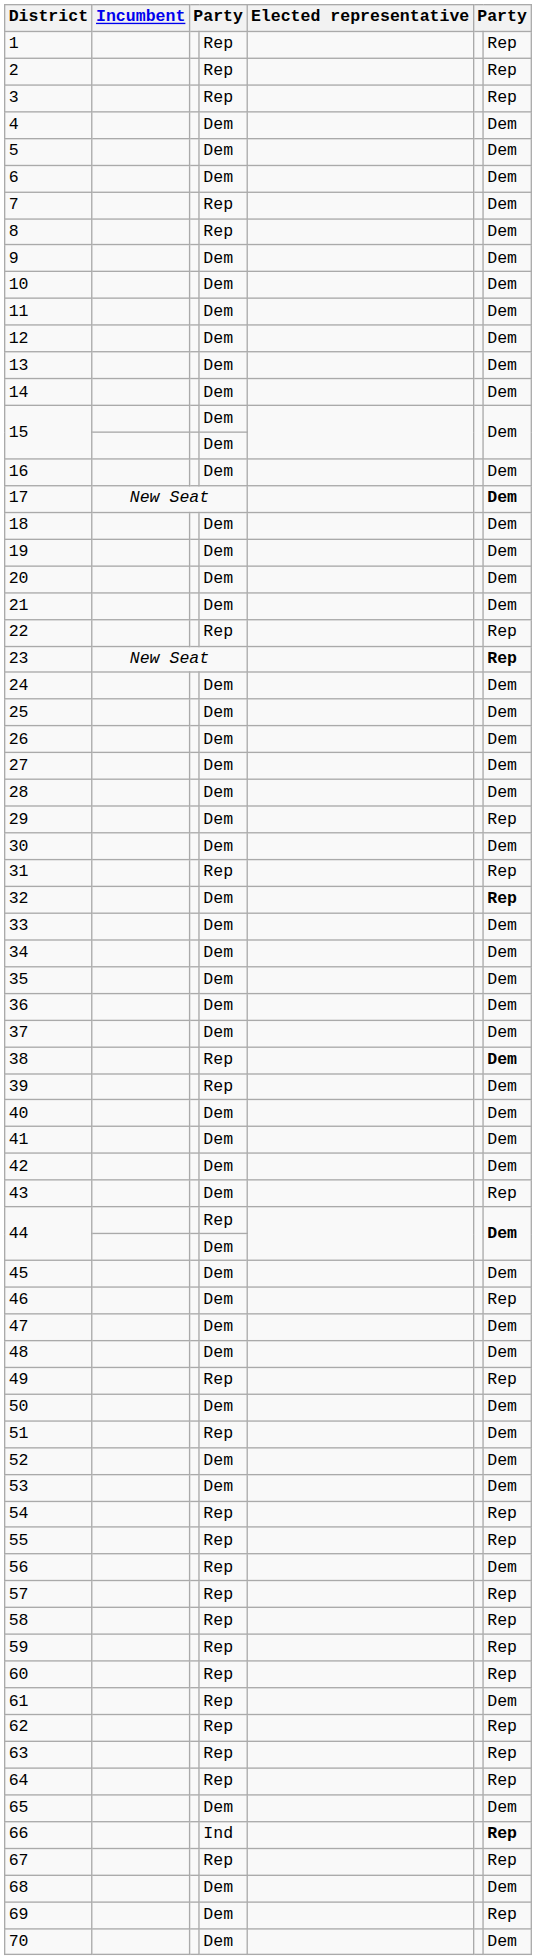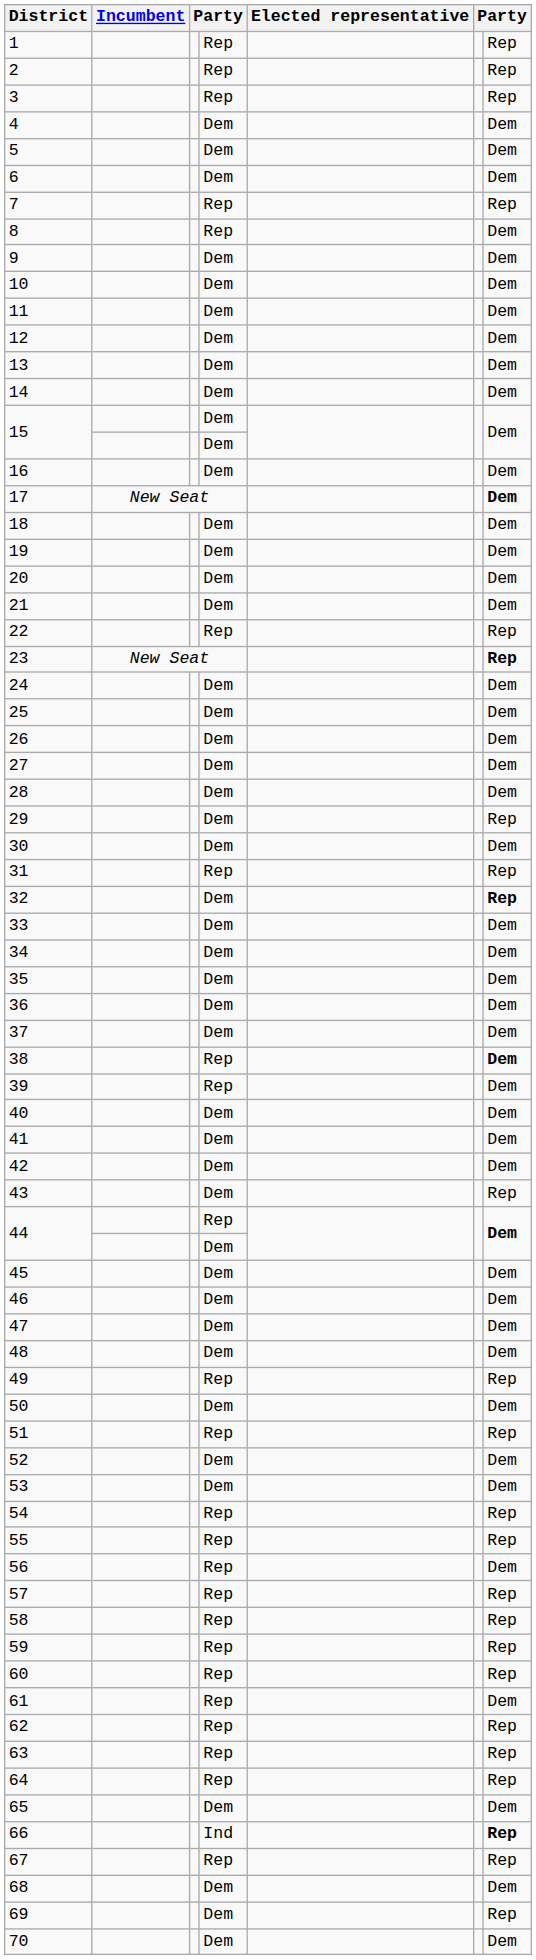 <table class="wikitable sortable" style="font-size:95%;line-height:14px;">
 <tr>
 <th>District</th>
 <th><a href='#'>Incumbent</a></th>
 <th colspan=2>Party</th>
 <th>Elected representative</th>
 <th colspan=2>Party</th>
 </tr>
 <tr>
 <td>1</td>
 <td></td>
 <td style="background:"></td>
 <td>Rep</td>
 <td></td>
 <td style="background:"></td>
 <td>Rep</td>
 </tr>
 <tr>
 <td>2</td>
 <td></td>
 <td style="background:"></td>
 <td>Rep</td>
 <td></td>
 <td style="background:"></td>
 <td>Rep</td>
 </tr>
 <tr>
 <td>3</td>
 <td></td>
 <td style="background:"></td>
 <td>Rep</td>
 <td></td>
 <td style="background:"></td>
 <td>Rep</td>
 </tr>
 <tr>
 <td>4</td>
 <td></td>
 <td style="background:"></td>
 <td>Dem</td>
 <td></td>
 <td style="background:"></td>
 <td>Dem</td>
 </tr>
 <tr>
 <td>5</td>
 <td></td>
 <td style="background:"></td>
 <td>Dem</td>
 <td></td>
 <td style="background:"></td>
 <td>Dem</td>
 </tr>
 <tr>
 <td>6</td>
 <td></td>
 <td style="background:"></td>
 <td>Dem</td>
 <td></td>
 <td style="background:"></td>
 <td>Dem</td>
 </tr>
 <tr>
 <td>7</td>
 <td></td>
 <td style="background:"></td>
 <td>Rep</td>
 <td></td>
 <td style="background:"></td>
-<td>Dem</td>
+<td>Rep</td>
 </tr>
 <tr>
 <td>8</td>
 <td></td>
 <td style="background:"></td>
 <td>Rep</td>
 <td></td>
 <td style="background:"></td>
 <td>Dem</td>
 </tr>
 <tr>
 <td>9</td>
 <td></td>
 <td style="background:"></td>
 <td>Dem</td>
 <td></td>
 <td style="background:"></td>
 <td>Dem</td>
 </tr>
 <tr>
 <td>10</td>
 <td></td>
 <td style="background:"></td>
 <td>Dem</td>
 <td></td>
 <td style="background:"></td>
 <td>Dem</td>
 </tr>
 <tr>
 <td>11</td>
 <td></td>
 <td style="background:"></td>
 <td>Dem</td>
 <td></td>
 <td style="background:"></td>
 <td>Dem</td>
 </tr>
 <tr>
 <td>12</td>
 <td></td>
 <td style="background:"></td>
 <td>Dem</td>
 <td></td>
 <td style="background:"></td>
 <td>Dem</td>
 </tr>
 <tr>
 <td>13</td>
 <td></td>
 <td style="background:"></td>
 <td>Dem</td>
 <td></td>
 <td style="background:"></td>
 <td>Dem</td>
 </tr>
 <tr>
 <td>14</td>
 <td></td>
 <td style="background:"></td>
 <td>Dem</td>
 <td></td>
 <td style="background:"></td>
 <td>Dem</td>
 </tr>
 <tr>
 <td rowspan=2>15</td>
 <td></td>
 <td style="background:"></td>
 <td>Dem</td>
 <td rowspan=2></td>
 <td rowspan=2 style="background:"></td>
 <td rowspan=2>Dem</td>
 </tr>
 <tr>
 <td></td>
 <td style="background:"></td>
 <td>Dem</td>
 </tr>
 <tr>
 <td>16</td>
 <td></td>
 <td style="background:"></td>
 <td>Dem</td>
 <td></td>
 <td style="background:"></td>
 <td>Dem</td>
 </tr>
 <tr>
 <td>17</td>
 <td colspan=3 align=center><em>New Seat</em></td>
 <td><strong></strong></td>
 <td style="background:"></td>
 <td><strong>Dem</strong></td>
 </tr>
 <tr>
 <td>18</td>
 <td></td>
 <td style="background:"></td>
 <td>Dem</td>
 <td></td>
 <td style="background:"></td>
 <td>Dem</td>
 </tr>
 <tr>
 <td>19</td>
 <td></td>
 <td style="background:"></td>
 <td>Dem</td>
 <td></td>
 <td style="background:"></td>
 <td>Dem</td>
 </tr>
 <tr>
 <td>20</td>
 <td></td>
 <td style="background:"></td>
 <td>Dem</td>
 <td></td>
 <td style="background:"></td>
 <td>Dem</td>
 </tr>
 <tr>
 <td>21</td>
 <td></td>
 <td style="background:"></td>
 <td>Dem</td>
 <td></td>
 <td style="background:"></td>
 <td>Dem</td>
 </tr>
 <tr>
 <td>22</td>
 <td></td>
 <td style="background:"></td>
 <td>Rep</td>
 <td></td>
 <td style="background:"></td>
 <td>Rep</td>
 </tr>
 <tr>
 <td>23</td>
 <td colspan=3 align=center><em>New Seat</em></td>
 <td><strong></strong></td>
 <td style="background:"></td>
 <td><strong>Rep</strong></td>
 </tr>
 <tr>
 <td>24</td>
 <td></td>
 <td style="background:"></td>
 <td>Dem</td>
 <td></td>
 <td style="background:"></td>
 <td>Dem</td>
 </tr>
 <tr>
 <td>25</td>
 <td></td>
 <td style="background:"></td>
 <td>Dem</td>
 <td></td>
 <td style="background:"></td>
 <td>Dem</td>
 </tr>
 <tr>
 <td>26</td>
 <td></td>
 <td style="background:"></td>
 <td>Dem</td>
 <td></td>
 <td style="background:"></td>
 <td>Dem</td>
 </tr>
 <tr>
 <td>27</td>
 <td></td>
 <td style="background:"></td>
 <td>Dem</td>
 <td></td>
 <td style="background:"></td>
 <td>Dem</td>
 </tr>
 <tr>
 <td>28</td>
 <td></td>
 <td style="background:"></td>
 <td>Dem</td>
 <td></td>
 <td style="background:"></td>
 <td>Dem</td>
 </tr>
 <tr>
 <td>29</td>
 <td></td>
 <td style="background:"></td>
 <td>Dem</td>
 <td></td>
 <td style="background:"></td>
 <td>Rep</td>
 </tr>
 <tr>
 <td>30</td>
 <td></td>
 <td style="background:"></td>
 <td>Dem</td>
 <td></td>
 <td style="background:"></td>
 <td>Dem</td>
 </tr>
 <tr>
 <td>31</td>
 <td></td>
 <td style="background:"></td>
 <td>Rep</td>
 <td></td>
 <td style="background:"></td>
 <td>Rep</td>
 </tr>
 <tr>
 <td>32</td>
 <td></td>
 <td style="background:"></td>
 <td>Dem</td>
 <td><strong></strong></td>
 <td style="background:"></td>
 <td><strong>Rep</strong></td>
 </tr>
 <tr>
 <td>33</td>
 <td></td>
 <td style="background:"></td>
 <td>Dem</td>
 <td></td>
 <td style="background:"></td>
 <td>Dem</td>
 </tr>
 <tr>
 <td>34</td>
 <td></td>
 <td style="background:"></td>
 <td>Dem</td>
 <td></td>
 <td style="background:"></td>
 <td>Dem</td>
 </tr>
 <tr>
 <td>35</td>
 <td></td>
 <td style="background:"></td>
 <td>Dem</td>
 <td></td>
 <td style="background:"></td>
 <td>Dem</td>
 </tr>
 <tr>
 <td>36</td>
 <td></td>
 <td style="background:"></td>
 <td>Dem</td>
 <td></td>
 <td style="background:"></td>
 <td>Dem</td>
 </tr>
 <tr>
 <td>37</td>
 <td></td>
 <td style="background:"></td>
 <td>Dem</td>
 <td></td>
 <td style="background:"></td>
 <td>Dem</td>
 </tr>
 <tr>
 <td>38</td>
 <td></td>
 <td style="background:"></td>
 <td>Rep</td>
 <td><strong></strong></td>
 <td style="background:"></td>
 <td><strong>Dem</strong></td>
 </tr>
 <tr>
 <td>39</td>
 <td></td>
 <td style="background:"></td>
 <td>Rep</td>
 <td></td>
 <td style="background:"></td>
 <td>Dem</td>
 </tr>
 <tr>
 <td>40</td>
 <td></td>
 <td style="background:"></td>
 <td>Dem</td>
 <td></td>
 <td style="background:"></td>
 <td>Dem</td>
 </tr>
 <tr>
 <td>41</td>
 <td></td>
 <td style="background:"></td>
 <td>Dem</td>
 <td></td>
 <td style="background:"></td>
 <td>Dem</td>
 </tr>
 <tr>
 <td>42</td>
 <td></td>
 <td style="background:"></td>
 <td>Dem</td>
 <td></td>
 <td style="background:"></td>
 <td>Dem</td>
 </tr>
 <tr>
 <td>43</td>
 <td></td>
 <td style="background:"></td>
 <td>Dem</td>
 <td></td>
 <td style="background:"></td>
 <td>Rep</td>
 </tr>
 <tr>
 <td rowspan=2>44</td>
 <td></td>
 <td style="background:"></td>
 <td>Rep</td>
 <td rowspan=2><strong></strong></td>
 <td rowspan=2 style="background:"></td>
 <td rowspan=2><strong>Dem</strong></td>
 </tr>
 <tr>
 <td></td>
 <td style="background:"></td>
 <td>Dem</td>
 </tr>
 <tr>
 <td>45</td>
 <td></td>
 <td style="background:"></td>
 <td>Dem</td>
 <td></td>
 <td style="background:"></td>
 <td>Dem</td>
 </tr>
 <tr>
 <td>46</td>
 <td></td>
 <td style="background:"></td>
 <td>Dem</td>
 <td></td>
 <td style="background:"></td>
-<td>Rep</td>
+<td>Dem</td>
 </tr>
 <tr>
 <td>47</td>
 <td></td>
 <td style="background:"></td>
 <td>Dem</td>
 <td></td>
 <td style="background:"></td>
 <td>Dem</td>
 </tr>
 <tr>
 <td>48</td>
 <td></td>
 <td style="background:"></td>
 <td>Dem</td>
 <td></td>
 <td style="background:"></td>
 <td>Dem</td>
 </tr>
 <tr>
 <td>49</td>
 <td></td>
 <td style="background:"></td>
 <td>Rep</td>
 <td></td>
 <td style="background:"></td>
 <td>Rep</td>
 </tr>
 <tr>
 <td>50</td>
 <td></td>
 <td style="background:"></td>
 <td>Dem</td>
 <td></td>
 <td style="background:"></td>
 <td>Dem</td>
 </tr>
 <tr>
 <td>51</td>
 <td></td>
 <td style="background:"></td>
 <td>Rep</td>
 <td></td>
 <td style="background:"></td>
-<td>Dem</td>
+<td>Rep</td>
 </tr>
 <tr>
 <td>52</td>
 <td></td>
 <td style="background:"></td>
 <td>Dem</td>
 <td></td>
 <td style="background:"></td>
 <td>Dem</td>
 </tr>
 <tr>
 <td>53</td>
 <td></td>
 <td style="background:"></td>
 <td>Dem</td>
 <td></td>
 <td style="background:"></td>
 <td>Dem</td>
 </tr>
 <tr>
 <td>54</td>
 <td></td>
 <td style="background:"></td>
 <td>Rep</td>
 <td></td>
 <td style="background:"></td>
 <td>Rep</td>
 </tr>
 <tr>
 <td>55</td>
 <td></td>
 <td style="background:"></td>
 <td>Rep</td>
 <td></td>
 <td style="background:"></td>
 <td>Rep</td>
 </tr>
 <tr>
 <td>56</td>
 <td></td>
 <td style="background:"></td>
 <td>Rep</td>
 <td></td>
 <td style="background:"></td>
 <td>Dem</td>
 </tr>
 <tr>
 <td>57</td>
 <td></td>
 <td style="background:"></td>
 <td>Rep</td>
 <td></td>
 <td style="background:"></td>
 <td>Rep</td>
 </tr>
 <tr>
 <td>58</td>
 <td></td>
 <td style="background:"></td>
 <td>Rep</td>
 <td></td>
 <td style="background:"></td>
 <td>Rep</td>
 </tr>
 <tr>
 <td>59</td>
 <td></td>
 <td style="background:"></td>
 <td>Rep</td>
 <td></td>
 <td style="background:"></td>
 <td>Rep</td>
 </tr>
 <tr>
 <td>60</td>
 <td></td>
 <td style="background:"></td>
 <td>Rep</td>
 <td></td>
 <td style="background:"></td>
 <td>Rep</td>
 </tr>
 <tr>
 <td>61</td>
 <td></td>
 <td style="background:"></td>
 <td>Rep</td>
 <td></td>
 <td style="background:"></td>
 <td>Dem</td>
 </tr>
 <tr>
 <td>62</td>
 <td></td>
 <td style="background:"></td>
 <td>Rep</td>
 <td></td>
 <td style="background:"></td>
 <td>Rep</td>
 </tr>
 <tr>
 <td>63</td>
 <td></td>
 <td style="background:"></td>
 <td>Rep</td>
 <td></td>
 <td style="background:"></td>
 <td>Rep</td>
 </tr>
 <tr>
 <td>64</td>
 <td></td>
 <td style="background:"></td>
 <td>Rep</td>
 <td></td>
 <td style="background:"></td>
 <td>Rep</td>
 </tr>
 <tr>
 <td>65</td>
 <td></td>
 <td style="background:"></td>
 <td>Dem</td>
 <td></td>
 <td style="background:"></td>
 <td>Dem</td>
 </tr>
 <tr>
 <td>66</td>
 <td></td>
 <td style="background:"></td>
 <td>Ind</td>
 <td></td>
 <td style="background:"></td>
 <td><strong>Rep</strong></td>
 </tr>
 <tr>
 <td>67</td>
 <td></td>
 <td style="background:"></td>
 <td>Rep</td>
 <td></td>
 <td style="background:"></td>
 <td>Rep</td>
 </tr>
 <tr>
 <td>68</td>
 <td></td>
 <td style="background:"></td>
 <td>Dem</td>
 <td></td>
 <td style="background:"></td>
 <td>Dem</td>
 </tr>
 <tr>
 <td>69</td>
 <td></td>
 <td style="background:"></td>
 <td>Dem</td>
 <td></td>
 <td style="background:"></td>
 <td>Rep</td>
 </tr>
 <tr>
 <td>70</td>
 <td></td>
 <td style="background:"></td>
 <td>Dem</td>
 <td></td>
 <td style="background:"></td>
 <td>Dem</td>
 </tr>
 </table>
